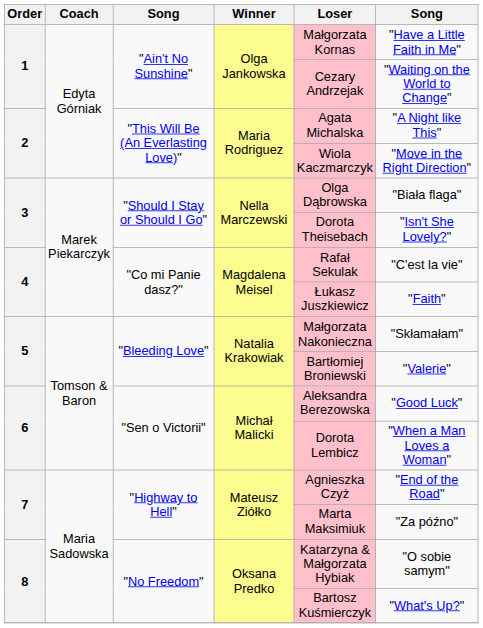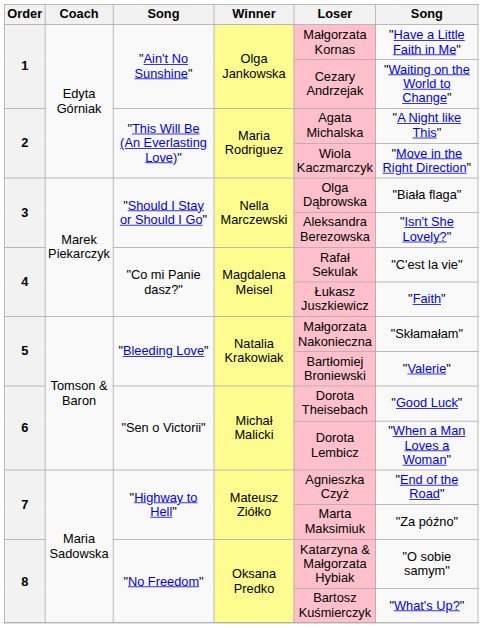 <table class="wikitable" style="text-align: center; width:95%;">
 <tr>
 <th width="05%">Order</th>
 <th width="12%">Coach</th>
 <th width="22%">Song</th>
 <th width="17%">Winner</th>
 <th width="17%">Loser</th>
 <th width="22%">Song</th>
 </tr>
 <tr>
 <th rowspan="2">1</th>
 <td rowspan="4">Edyta Górniak</td>
 <td rowspan="2">"<a href='#'>Ain't No Sunshine</a>"</td>
 <td rowspan="2" style="background:#fdfc8f;">Olga Jankowska</td>
 <td style="background:pink;">Małgorzata Kornas</td>
 <td>"<a href='#'>Have a Little Faith in Me</a>"</td>
 </tr>
 <tr>
 <td style="background:pink;">Cezary Andrzejak</td>
 <td>"<a href='#'>Waiting on the World to Change</a>"</td>
 </tr>
 <tr>
 <th rowspan="2">2</th>
 <td rowspan="2">"<a href='#'>This Will Be (An Everlasting Love)</a>"</td>
 <td rowspan="2" style="background:#fdfc8f;">Maria Rodriguez</td>
 <td style="background:pink;">Agata Michalska</td>
 <td>"<a href='#'>A Night like This</a>"</td>
 </tr>
 <tr>
 <td style="background:pink;">Wiola Kaczmarczyk</td>
 <td>"<a href='#'>Move in the Right Direction</a>"</td>
 </tr>
 <tr>
 <th rowspan="2">3</th>
 <td rowspan="4">Marek Piekarczyk</td>
 <td rowspan="2">"<a href='#'>Should I Stay or Should I Go</a>"</td>
 <td rowspan="2" style="background:#fdfc8f;">Nella Marczewski</td>
 <td style="background:pink;">Olga Dąbrowska</td>
 <td>"Biała flaga"</td>
 </tr>
 <tr>
-<td style="background:pink;">Dorota Theisebach</td>
+<td style="background:pink;">Aleksandra Berezowska</td>
 <td>"<a href='#'>Isn't She Lovely?</a>"</td>
 </tr>
 <tr>
 <th rowspan="2">4</th>
 <td rowspan="2">"Co mi Panie dasz?"</td>
 <td rowspan="2" style="background:#fdfc8f;">Magdalena Meisel</td>
 <td style="background:pink;">Rafał Sekulak</td>
 <td>"C'est la vie"</td>
 </tr>
 <tr>
 <td style="background:pink;">Łukasz Juszkiewicz</td>
 <td>"<a href='#'>Faith</a>"</td>
 </tr>
 <tr>
 <th rowspan="2">5</th>
 <td rowspan="4">Tomson & Baron</td>
 <td rowspan="2">"<a href='#'>Bleeding Love</a>"</td>
 <td rowspan="2" style="background:#fdfc8f;">Natalia Krakowiak</td>
 <td style="background:pink;">Małgorzata Nakonieczna</td>
 <td>"Skłamałam"</td>
 </tr>
 <tr>
 <td style="background:pink;">Bartłomiej Broniewski</td>
 <td>"<a href='#'>Valerie</a>"</td>
 </tr>
 <tr>
 <th rowspan="2">6</th>
 <td rowspan="2">"Sen o Victorii"</td>
 <td rowspan="2" style="background:#fdfc8f;">Michał Malicki</td>
-<td style="background:pink;">Aleksandra Berezowska</td>
+<td style="background:pink;">Dorota Theisebach</td>
 <td>"<a href='#'>Good Luck</a>"</td>
 </tr>
 <tr>
 <td style="background:pink;">Dorota Lembicz</td>
 <td>"<a href='#'>When a Man Loves a Woman</a>"</td>
 </tr>
 <tr>
 <th rowspan="2">7</th>
 <td rowspan="4">Maria Sadowska</td>
 <td rowspan="2">"<a href='#'>Highway to Hell</a>"</td>
 <td rowspan="2" style="background:#fdfc8f;">Mateusz Ziółko</td>
 <td style="background:pink;">Agnieszka Czyż</td>
 <td>"<a href='#'>End of the Road</a>"</td>
 </tr>
 <tr>
 <td style="background:pink;">Marta Maksimiuk</td>
 <td>"Za późno"</td>
 </tr>
 <tr>
 <th rowspan="2">8</th>
 <td rowspan="2">"<a href='#'>No Freedom</a>"</td>
 <td rowspan="2" style="background:#fdfc8f;">Oksana Predko</td>
 <td style="background:pink;">Katarzyna & Małgorzata Hybiak</td>
 <td>"O sobie samym"</td>
 </tr>
 <tr>
 <td style="background:pink;">Bartosz Kuśmierczyk</td>
 <td>"<a href='#'>What's Up?</a>"</td>
 </tr>
 <tr>
 </tr>
 </table>
